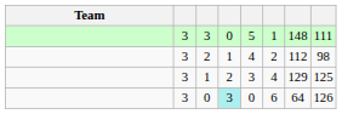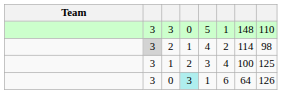 <table class="wikitable" style="text-align:center;">
 <tr>
 <th width=200>Team</th>
 <th width=20></th>
 <th width=20></th>
 <th width=20></th>
 <th width=20></th>
 <th width=20></th>
 <th width=20></th>
 <th width=20></th>
 </tr>
 <tr bgcolor="#ccffcc">
 <td align=left></td>
 <td>3</td>
 <td>3</td>
 <td>0</td>
 <td>5</td>
 <td>1</td>
 <td>148</td>
-<td>111</td>
+<td>110</td>
 </tr>
 <tr>
 <td align=left></td>
-<td>3</td>
+<td style="background: lightgrey;">3</td>
 <td>2</td>
 <td>1</td>
 <td>4</td>
 <td>2</td>
-<td>112</td>
+<td>114</td>
 <td>98</td>
 </tr>
 <tr>
 <td align=left></td>
 <td>3</td>
 <td>1</td>
 <td>2</td>
 <td>3</td>
 <td>4</td>
-<td>129</td>
+<td>100</td>
 <td>125</td>
 </tr>
 <tr>
 <td align=left></td>
 <td>3</td>
 <td>0</td>
 <td style="background: paleturquoise;">3</td>
-<td>0</td>
+<td>1</td>
 <td>6</td>
 <td>64</td>
 <td>126</td>
 </tr>
 </table>
